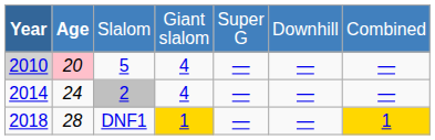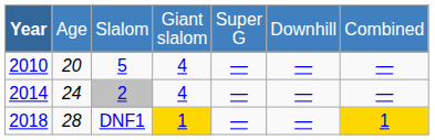 <table class="wikitable" style="font-size:95%; text-align:center; border:grey solid 1px; border-collapse:collapse;" width="40%">
 <tr style="background-color:#369; color:white;">
 <td rowspan="2" colspan="1" width="4%"><strong>Year</strong></td>
 </tr>
 <tr style="background-color:#4180be; color:white;">
-<td width="3%"><strong>Age</strong></td>
+<td width="3%">Age</td>
 <td width="5%">Slalom</td>
 <td width="5%">Giant<br>slalom</td>
 <td width="5%">Super G</td>
 <td width="5%">Downhill</td>
 <td width="5%">Combined</td>
 </tr>
 <tr style="background-color:#8CB2D8; color:white;">
 </tr>
 <tr>
-<td style="background: lightgrey;"><a href='#'>2010</a></td>
-<td style="background: pink;"><em>20</em></td>
+<td><a href='#'>2010</a></td>
+<td><em>20</em></td>
 <td><a href='#'>5</a></td>
 <td><a href='#'>4</a></td>
 <td><a href='#'>—</a></td>
 <td><a href='#'>—</a></td>
 <td><a href='#'>—</a></td>
 </tr>
 <tr>
 <td><a href='#'>2014</a></td>
 <td><em>24</em></td>
 <td style="background:silver;"><a href='#'>2</a></td>
 <td><a href='#'>4</a></td>
 <td><a href='#'>—</a></td>
 <td><a href='#'>—</a></td>
 <td><a href='#'>—</a></td>
 </tr>
 <tr>
 <td><a href='#'>2018</a></td>
 <td><em>28</em></td>
 <td><a href='#'>DNF1</a></td>
 <td style="background:gold;"><a href='#'>1</a></td>
 <td><a href='#'>—</a></td>
 <td><a href='#'>—</a></td>
 <td style="background:gold;"><a href='#'>1</a></td>
 </tr>
 </table>
